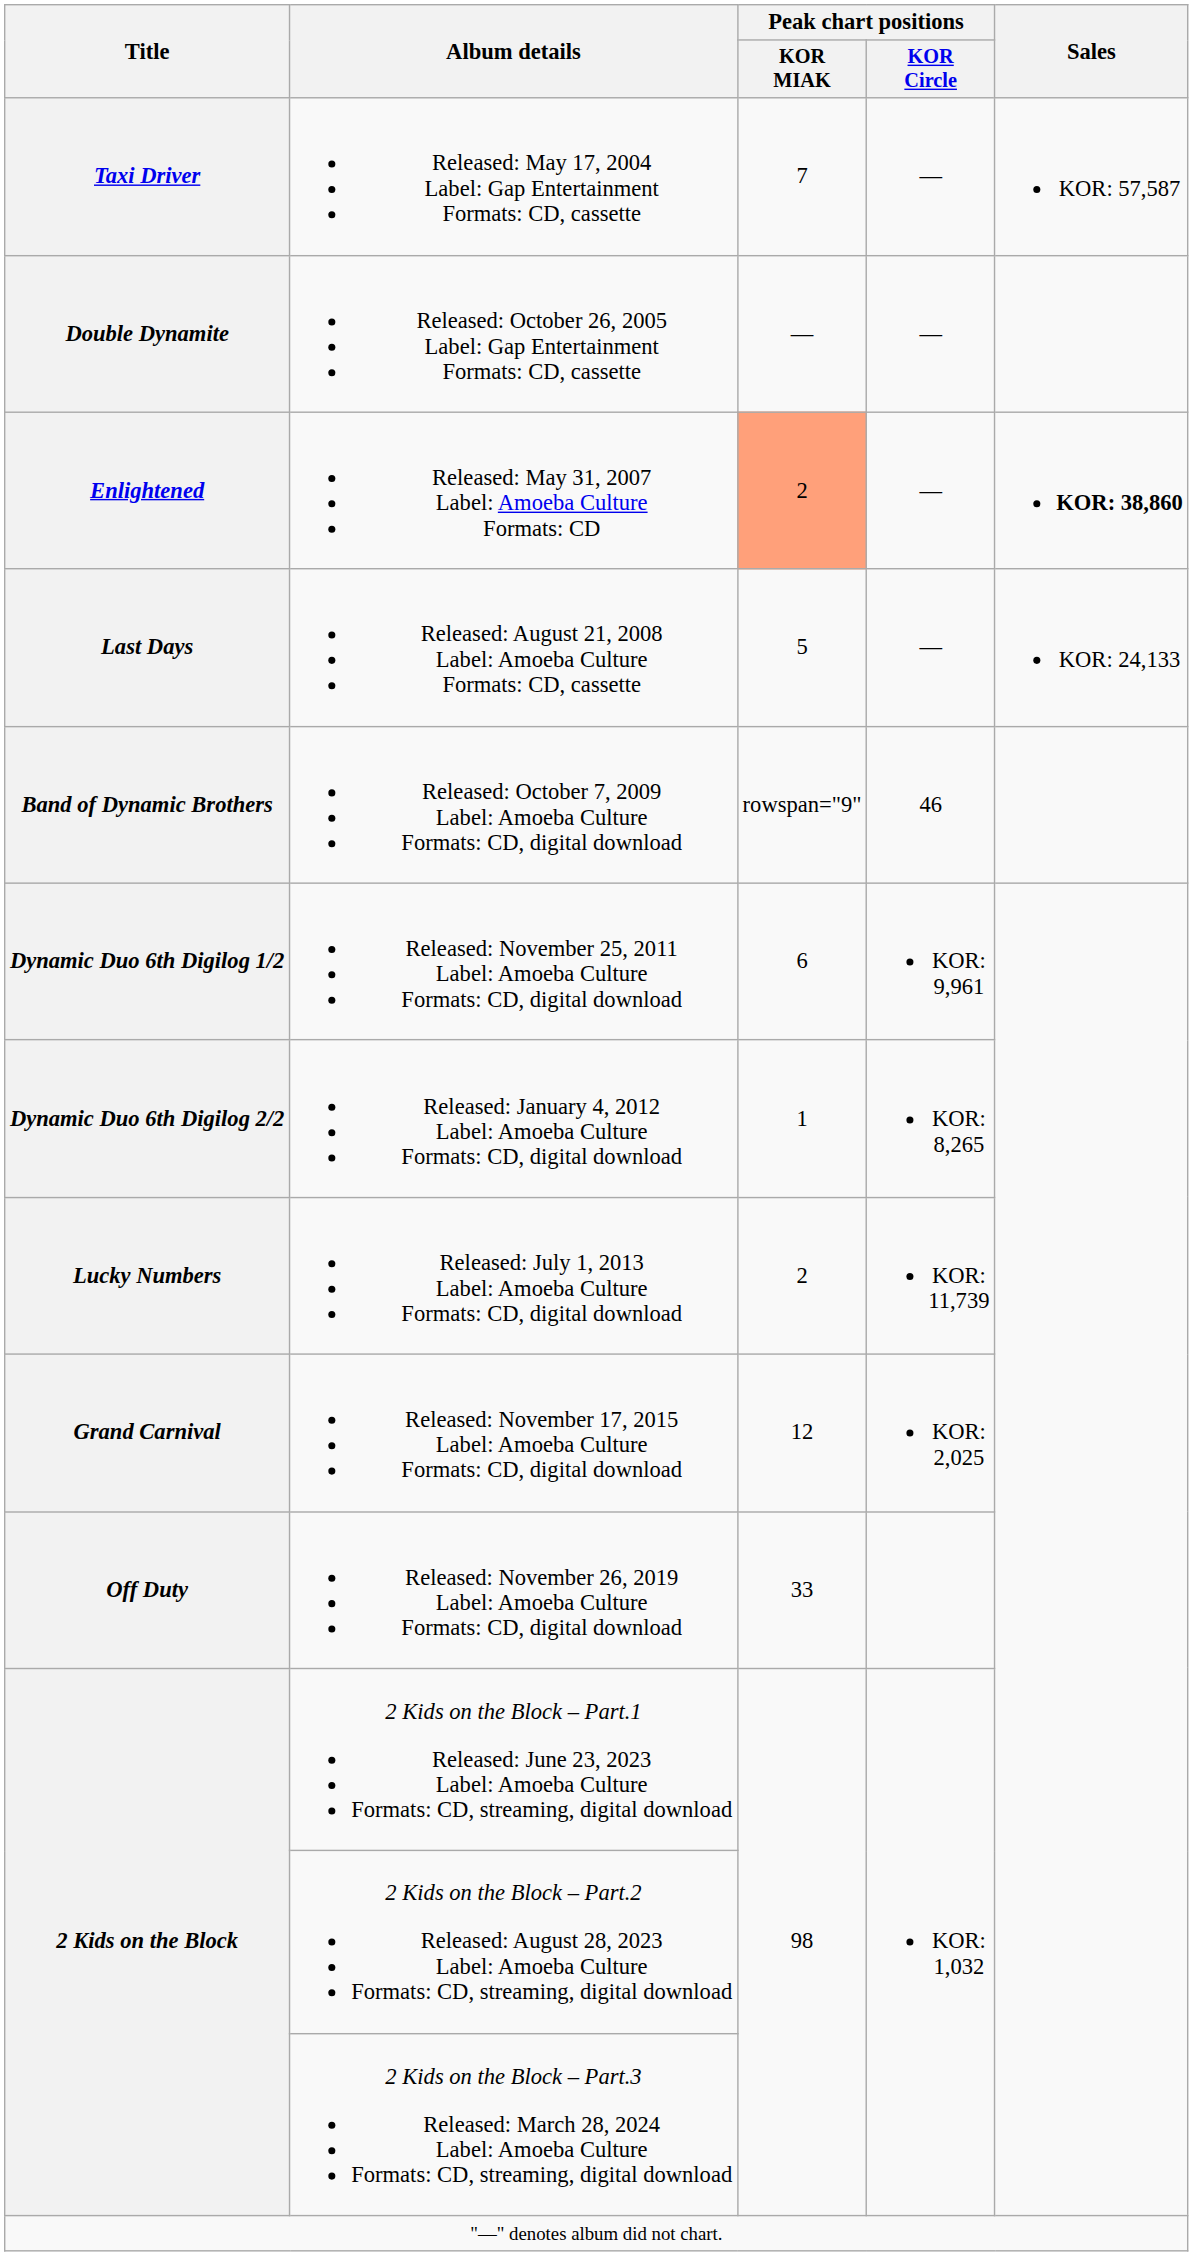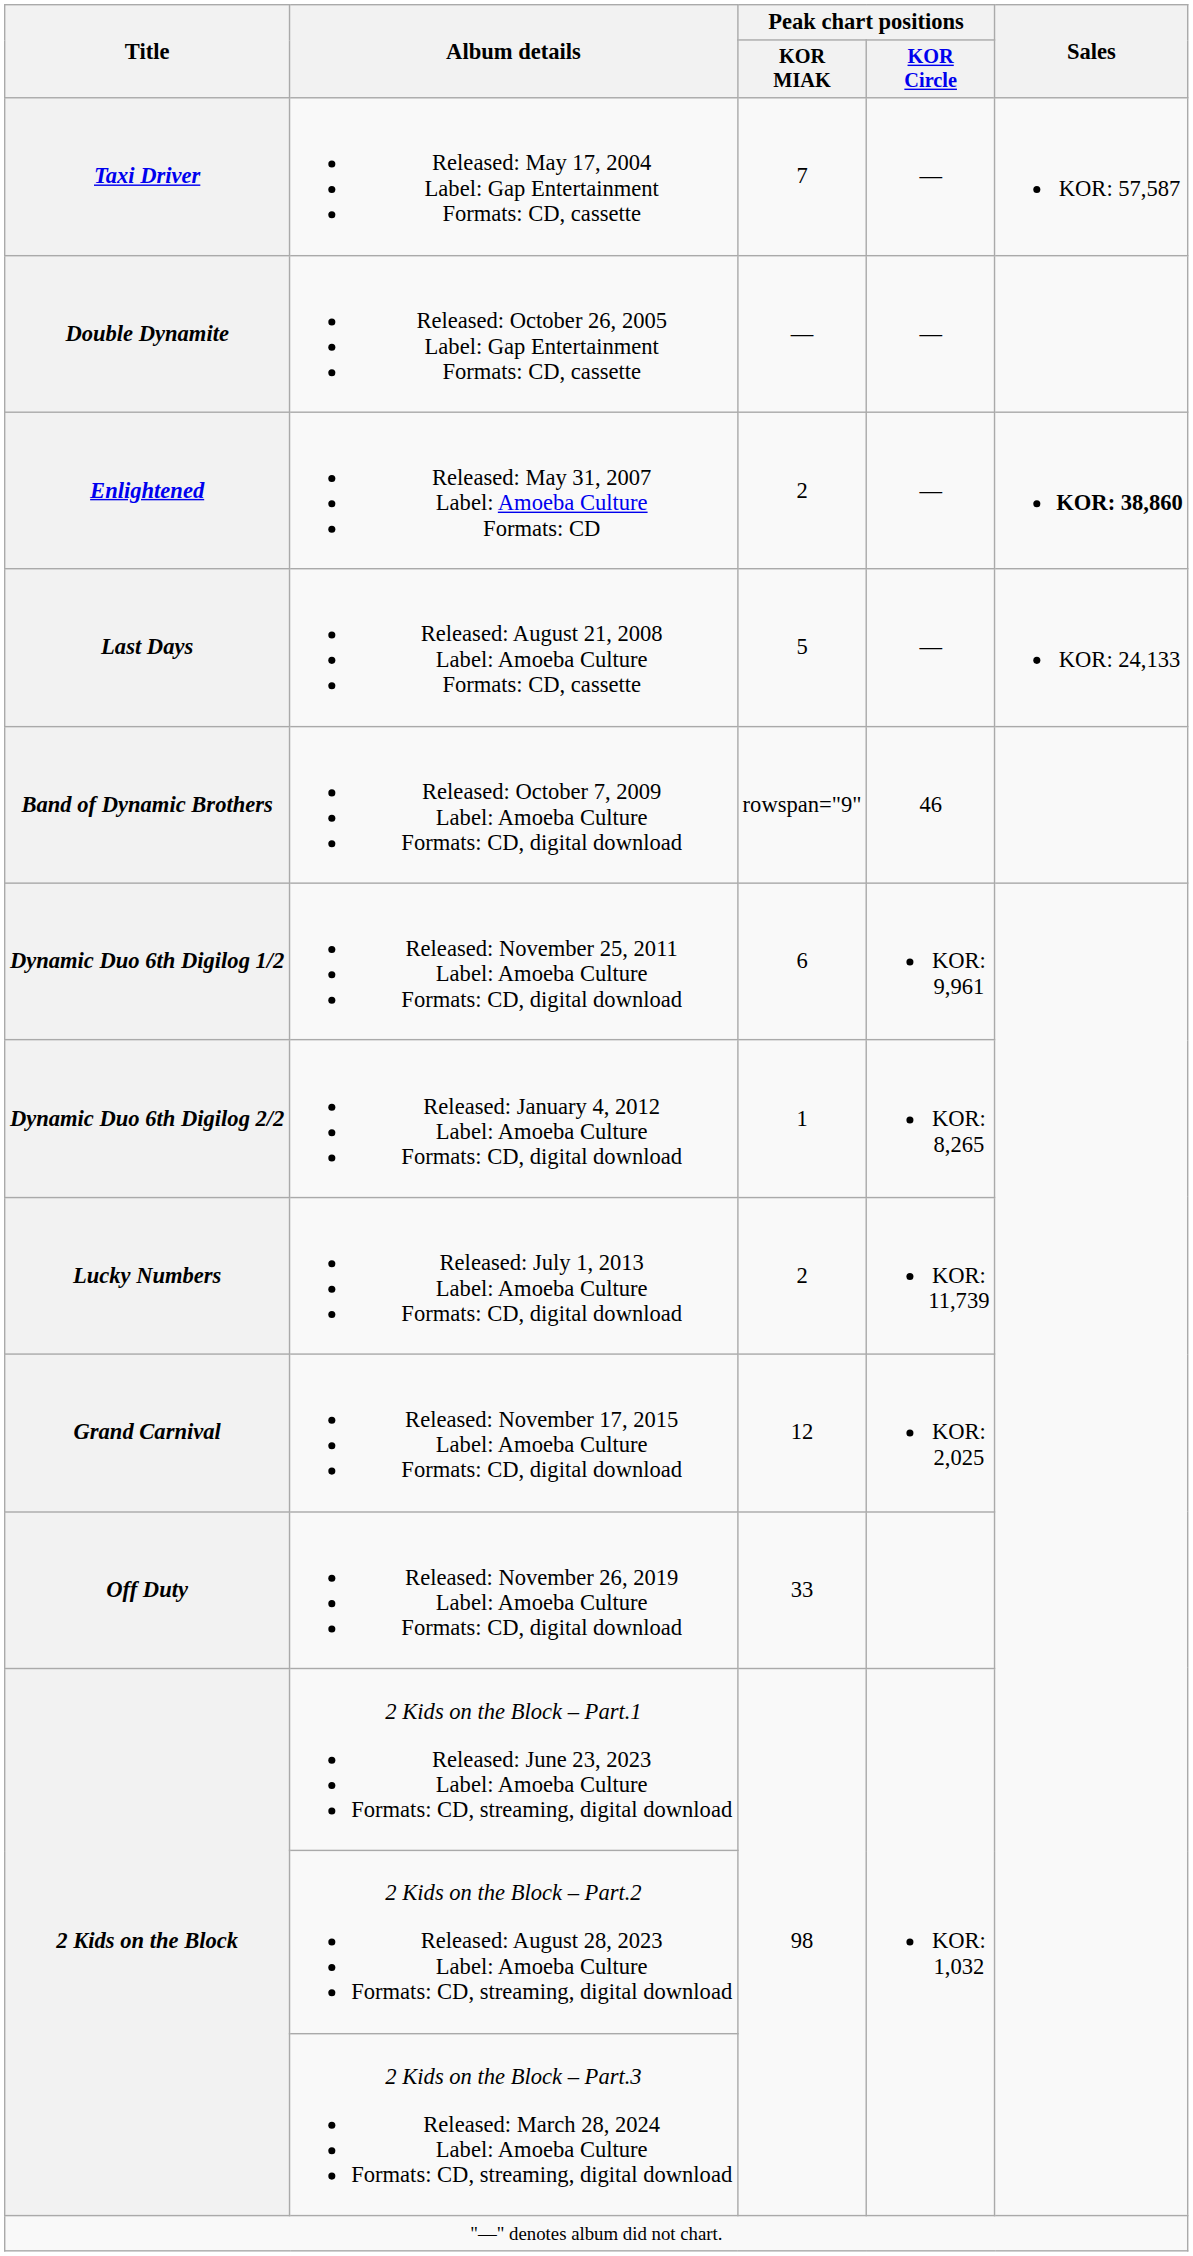 <table class="wikitable plainrowheaders" style="text-align:center;">
 <tr>
 <th scope="col" rowspan="2">Title</th>
 <th scope="col" rowspan="2">Album details</th>
 <th scope="col" colspan="2">Peak chart positions</th>
 <th scope="col" rowspan="2">Sales</th>
 </tr>
 <tr>
 <th scope="col" style="width:2.5em;font-size:90%;">KOR<br>MIAK<br></th>
 <th scope="col" style="width:2.5em;font-size:90%;"><a href='#'>KOR<br>Circle</a><br></th>
 </tr>
 <tr>
 <th scope="row"><em><a href='#'>Taxi Driver</a></em></th>
 <td><br><ul><li>Released: May 17, 2004</li><li>Label: Gap Entertainment</li><li>Formats: CD, cassette</li></ul></td>
 <td>7</td>
 <td>—</td>
 <td><br><ul><li>KOR: 57,587</li></ul></td>
 </tr>
 <tr>
 <th scope="row"><em>Double Dynamite</em></th>
 <td><br><ul><li>Released: October 26, 2005</li><li>Label: Gap Entertainment</li><li>Formats: CD, cassette</li></ul></td>
 <td>—</td>
 <td>—</td>
 <td></td>
 </tr>
 <tr>
 <th scope="row"><em><a href='#'>Enlightened</a></em></th>
 <td><br><ul><li>Released: May 31, 2007</li><li>Label: <a href='#'>Amoeba Culture</a></li><li>Formats: CD</li></ul></td>
-<td style="background: lightsalmon;">2</td>
+<td>2</td>
 <td>—</td>
 <td><strong><br><ul><li>KOR: 38,860</li></ul></strong></td>
 </tr>
 <tr>
 <th scope="row"><em>Last Days</em></th>
 <td><br><ul><li>Released: August 21, 2008</li><li>Label: Amoeba Culture</li><li>Formats: CD, cassette</li></ul></td>
 <td>5</td>
 <td>—</td>
 <td><br><ul><li>KOR: 24,133</li></ul></td>
 </tr>
 <tr>
 <th scope="row"><em>Band of Dynamic Brothers</em></th>
 <td><br><ul><li>Released: October 7, 2009</li><li>Label: Amoeba Culture</li><li>Formats: CD, digital download</li></ul></td>
 <td>rowspan="9" </td>
 <td>46</td>
 <td></td>
 </tr>
 <tr>
 <th scope="row"><em>Dynamic Duo 6th Digilog 1/2</em></th>
 <td><br><ul><li>Released: November 25, 2011</li><li>Label: Amoeba Culture</li><li>Formats: CD, digital download</li></ul></td>
 <td>6</td>
 <td><br><ul><li>KOR: 9,961</li></ul></td>
 </tr>
 <tr>
 <th scope="row"><em>Dynamic Duo 6th Digilog 2/2</em></th>
 <td><br><ul><li>Released: January 4, 2012</li><li>Label: Amoeba Culture</li><li>Formats: CD, digital download</li></ul></td>
 <td>1</td>
 <td><br><ul><li>KOR: 8,265</li></ul></td>
 </tr>
 <tr>
 <th scope="row"><em>Lucky Numbers</em></th>
 <td><br><ul><li>Released: July 1, 2013</li><li>Label: Amoeba Culture</li><li>Formats: CD, digital download</li></ul></td>
 <td>2</td>
 <td><br><ul><li>KOR: 11,739</li></ul></td>
 </tr>
 <tr>
 <th scope="row"><em>Grand Carnival</em></th>
 <td><br><ul><li>Released: November 17, 2015</li><li>Label: Amoeba Culture</li><li>Formats: CD, digital download</li></ul></td>
 <td>12</td>
 <td><br><ul><li>KOR: 2,025</li></ul></td>
 </tr>
 <tr>
 <th scope="row"><em>Off Duty</em></th>
 <td><br><ul><li>Released: November 26, 2019</li><li>Label: Amoeba Culture</li><li>Formats: CD, digital download</li></ul></td>
 <td>33</td>
 <td></td>
 </tr>
 <tr>
 <th scope="row" rowspan="3"><em>2 Kids on the Block</em></th>
 <td><br><em>2 Kids on the Block – Part.1</em><ul><li>Released: June 23, 2023</li><li>Label: Amoeba Culture</li><li>Formats: CD, streaming, digital download</li></ul></td>
 <td rowspan="3">98</td>
 <td rowspan="3"><br><ul><li>KOR: 1,032</li></ul></td>
 </tr>
 <tr>
 <td><br><em>2 Kids on the Block – Part.2</em><ul><li>Released: August 28, 2023</li><li>Label: Amoeba Culture</li><li>Formats: CD, streaming, digital download</li></ul></td>
 </tr>
 <tr>
 <td><br><em>2 Kids on the Block – Part.3</em><ul><li>Released: March 28, 2024</li><li>Label: Amoeba Culture</li><li>Formats: CD, streaming, digital download</li></ul></td>
 </tr>
 <tr>
 <td colspan="5"><small>"—" denotes album did not chart.</small></td>
 </tr>
 </table>
